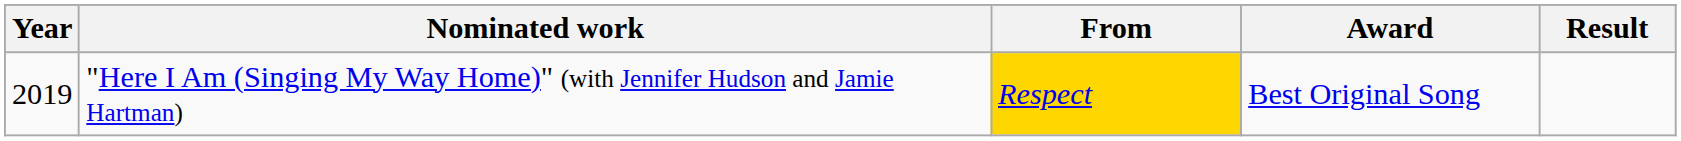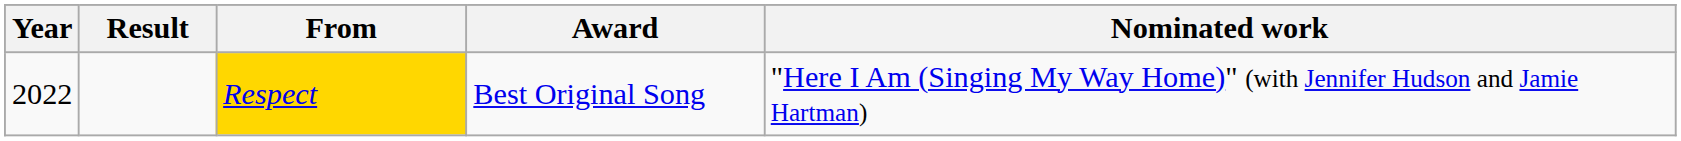 <table class="wikitable">
 <tr>
 <th>Year</th>
-<th style="width:475px;">Nominated work</th>
+<th width="65">Result</th>
 <th style="width:125px;">From</th>
 <th style="width:150px;">Award</th>
-<th width="65">Result</th>
+<th style="width:475px;">Nominated work</th>
 </tr>
 <tr>
-<td>2019</td>
-<td>"<a href='#'>Here I Am (Singing My Way Home)</a>" <small>(with <a href='#'>Jennifer Hudson</a> and <a href='#'>Jamie Hartman</a>)</small></td>
+<td>2022</td>
+<td></td>
 <td style="background: gold;"><em><a href='#'>Respect</a></em></td>
 <td><a href='#'>Best Original Song</a></td>
-<td></td>
+<td>"<a href='#'>Here I Am (Singing My Way Home)</a>" <small>(with <a href='#'>Jennifer Hudson</a> and <a href='#'>Jamie Hartman</a>)</small></td>
 </tr>
 </table>
